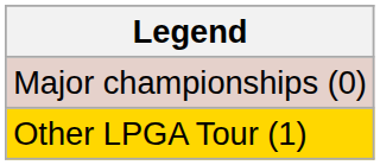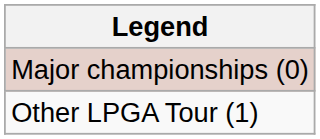 <table class="wikitable" style="font-size:95%;">
 <tr>
 <th>Legend</th>
 </tr>
 <tr style="background:#e5d1cb;">
 <td>Major championships (0)</td>
 </tr>
 <tr>
-<td style="background: gold;">Other LPGA Tour (1)</td>
+<td>Other LPGA Tour (1)</td>
 </tr>
 </table>
